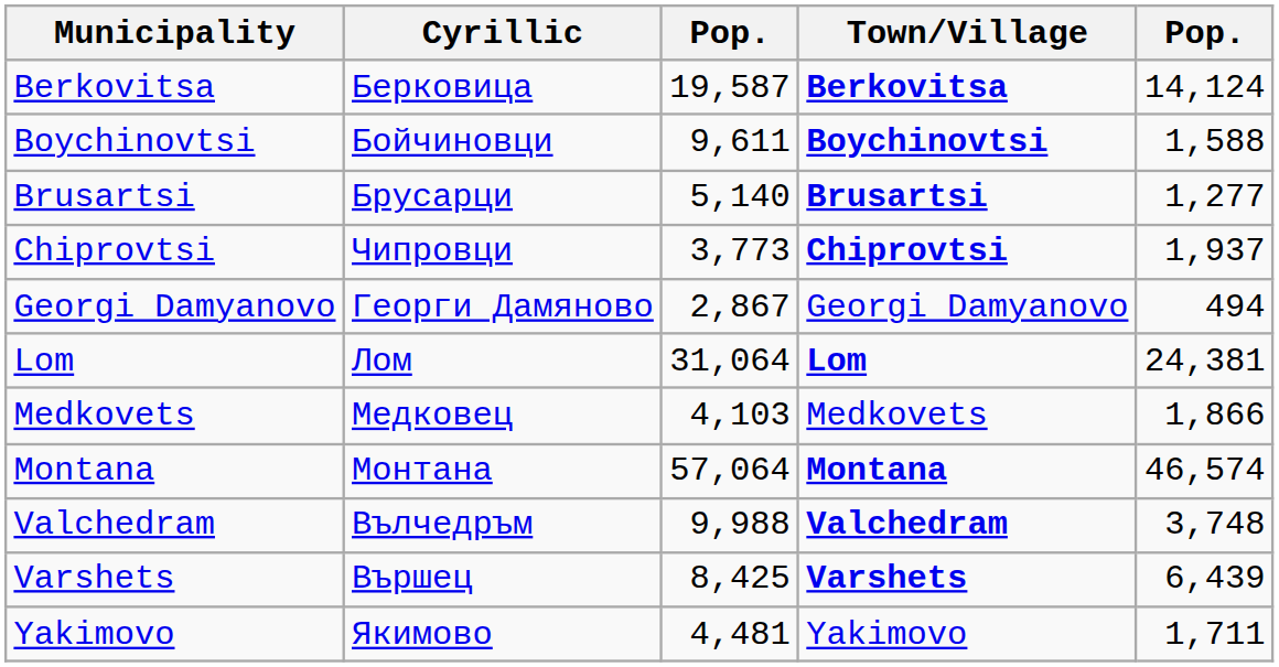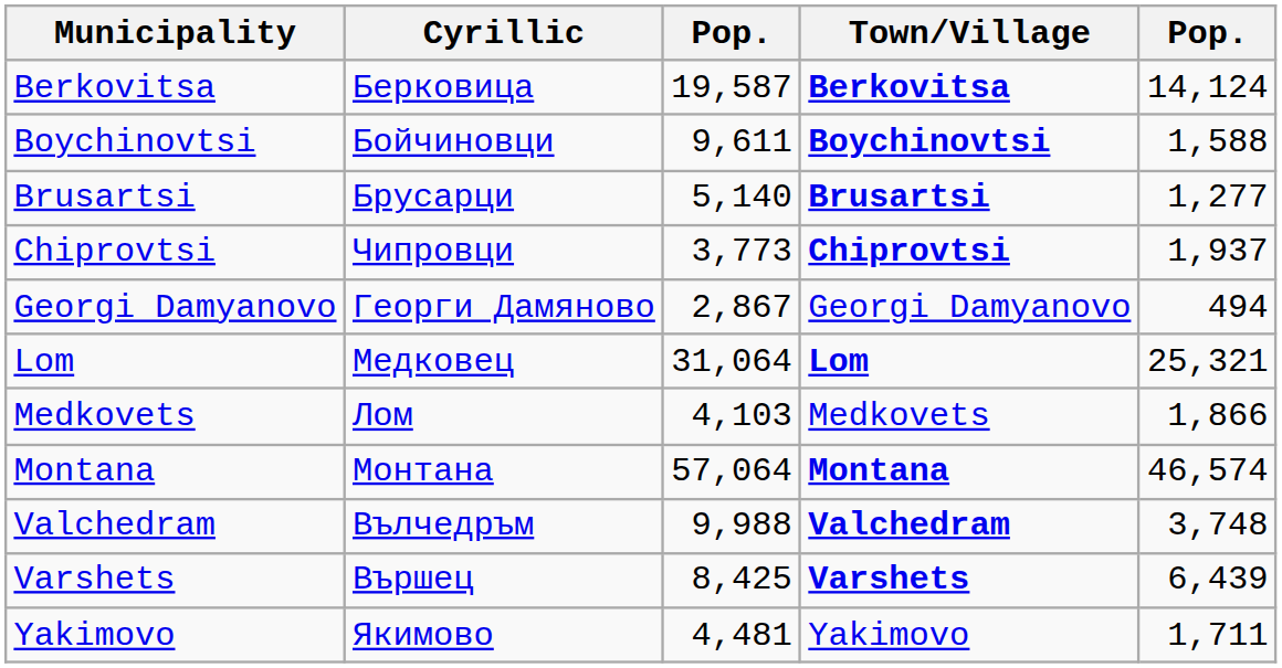 <table class="wikitable sortable">
 <tr>
 <th>Municipality</th>
 <th>Cyrillic</th>
 <th>Pop.</th>
 <th>Town/Village</th>
 <th>Pop.</th>
 </tr>
 <tr>
 <td><a href='#'>Berkovitsa</a></td>
 <td><a href='#'>Берковица</a></td>
 <td align="right">19,587</td>
 <td><strong><a href='#'>Berkovitsa</a></strong></td>
 <td align="right">14,124</td>
 </tr>
 <tr>
 <td><a href='#'>Boychinovtsi</a></td>
 <td><a href='#'>Бойчиновци</a></td>
 <td align="right">9,611</td>
 <td><strong><a href='#'>Boychinovtsi</a></strong></td>
 <td align="right">1,588</td>
 </tr>
 <tr>
 <td><a href='#'>Brusartsi</a></td>
 <td><a href='#'>Брусарци</a></td>
 <td align="right">5,140</td>
 <td><strong><a href='#'>Brusartsi</a></strong></td>
 <td align="right">1,277</td>
 </tr>
 <tr>
 <td><a href='#'>Chiprovtsi</a></td>
 <td><a href='#'>Чипровци</a></td>
 <td align="right">3,773</td>
 <td><strong><a href='#'>Chiprovtsi</a></strong></td>
 <td align="right">1,937</td>
 </tr>
 <tr>
 <td><a href='#'>Georgi Damyanovo</a></td>
 <td><a href='#'>Георги Дамяново</a></td>
 <td align="right">2,867</td>
 <td><a href='#'>Georgi Damyanovo</a></td>
 <td align="right">494</td>
 </tr>
 <tr>
 <td><a href='#'>Lom</a></td>
-<td><a href='#'>Лом</a></td>
+<td><a href='#'>Медковец</a></td>
 <td align="right">31,064</td>
 <td><strong><a href='#'>Lom</a></strong></td>
-<td align="right">24,381</td>
+<td align="right">25,321</td>
 </tr>
 <tr>
 <td><a href='#'>Medkovets</a></td>
-<td><a href='#'>Медковец</a></td>
+<td><a href='#'>Лом</a></td>
 <td align="right">4,103</td>
 <td><a href='#'>Medkovets</a></td>
 <td align="right">1,866</td>
 </tr>
 <tr>
 <td><a href='#'>Montana</a></td>
 <td><a href='#'>Монтана</a></td>
 <td align="right">57,064</td>
 <td><strong><a href='#'>Montana</a></strong></td>
 <td align="right">46,574</td>
 </tr>
 <tr>
 <td><a href='#'>Valchedram</a></td>
 <td><a href='#'>Вълчедръм</a></td>
 <td align="right">9,988</td>
 <td><strong><a href='#'>Valchedram</a></strong></td>
 <td align="right">3,748</td>
 </tr>
 <tr>
 <td><a href='#'>Varshets</a></td>
 <td><a href='#'>Вършец</a></td>
 <td align="right">8,425</td>
 <td><strong><a href='#'>Varshets</a></strong></td>
 <td align="right">6,439</td>
 </tr>
 <tr>
 <td><a href='#'>Yakimovo</a></td>
 <td><a href='#'>Якимово</a></td>
 <td align="right">4,481</td>
 <td><a href='#'>Yakimovo</a></td>
 <td align="right">1,711</td>
 </tr>
 </table>
